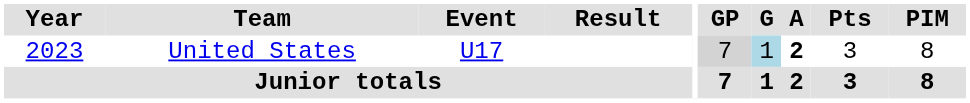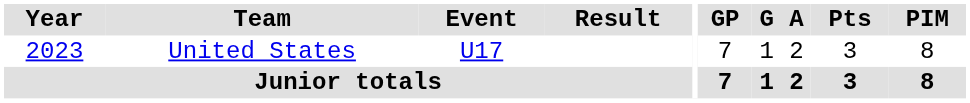 <table border="0" cellpadding="1" cellspacing="0" ID="Table3" style="text-align:center; width:40em">
 <tr ALIGN="center" bgcolor="#e0e0e0">
 <th>Year</th>
 <th>Team</th>
 <th>Event</th>
 <th>Result</th>
 <th rowspan="99" bgcolor="#ffffff"></th>
 <th>GP</th>
 <th>G</th>
 <th>A</th>
 <th>Pts</th>
 <th>PIM</th>
 </tr>
 <tr>
 <td><a href='#'>2023</a></td>
 <td><a href='#'>United States</a></td>
 <td><a href='#'>U17</a></td>
 <td></td>
-<td style="background: lightgrey;">7</td>
-<td style="background: lightblue;">1</td>
-<td><strong>2</strong></td>
+<td>7</td>
+<td>1</td>
+<td>2</td>
 <td>3</td>
 <td>8</td>
 </tr>
 <tr bgcolor="#e0e0e0">
 <th colspan="4">Junior totals</th>
 <th>7</th>
 <th>1</th>
 <th>2</th>
 <th>3</th>
 <th>8</th>
 </tr>
 </table>
